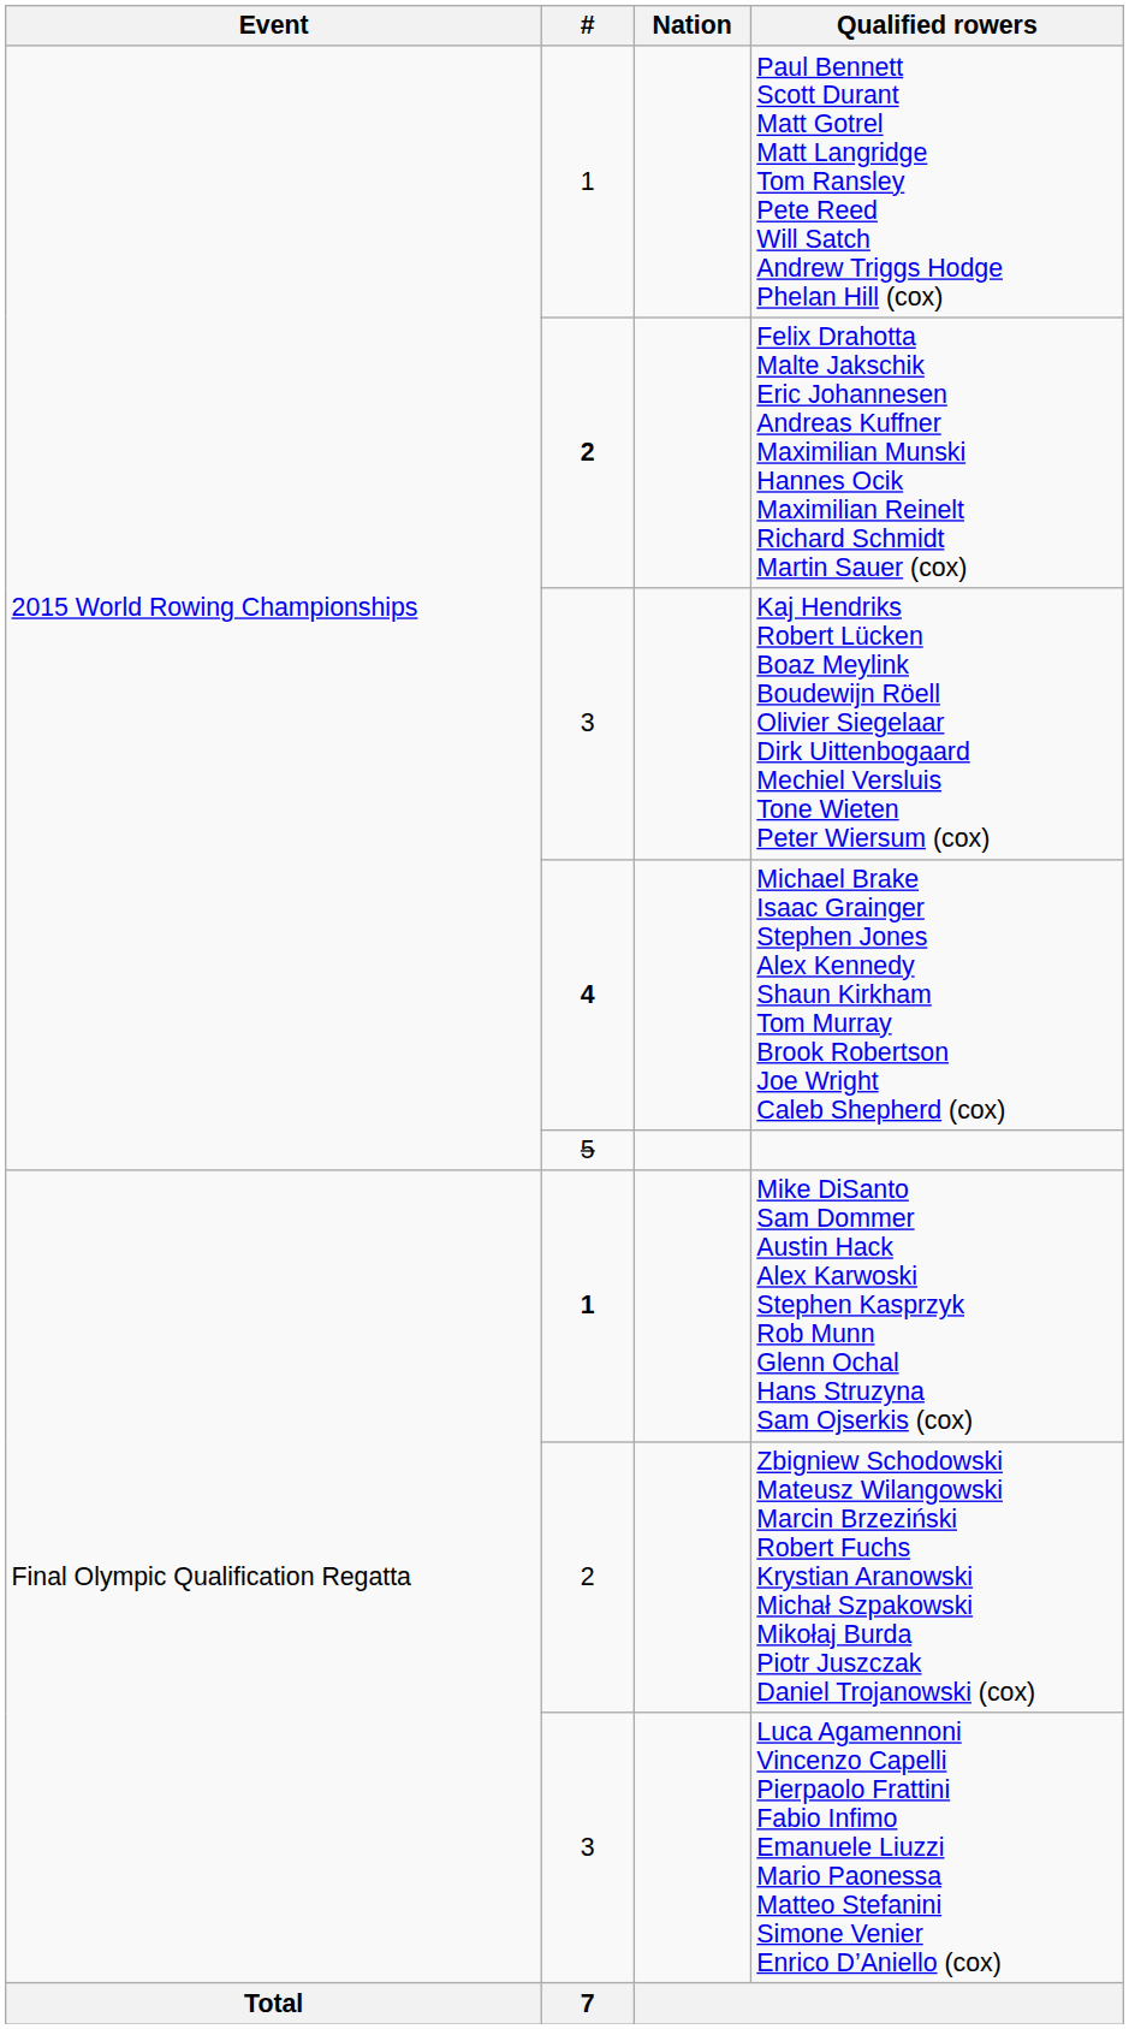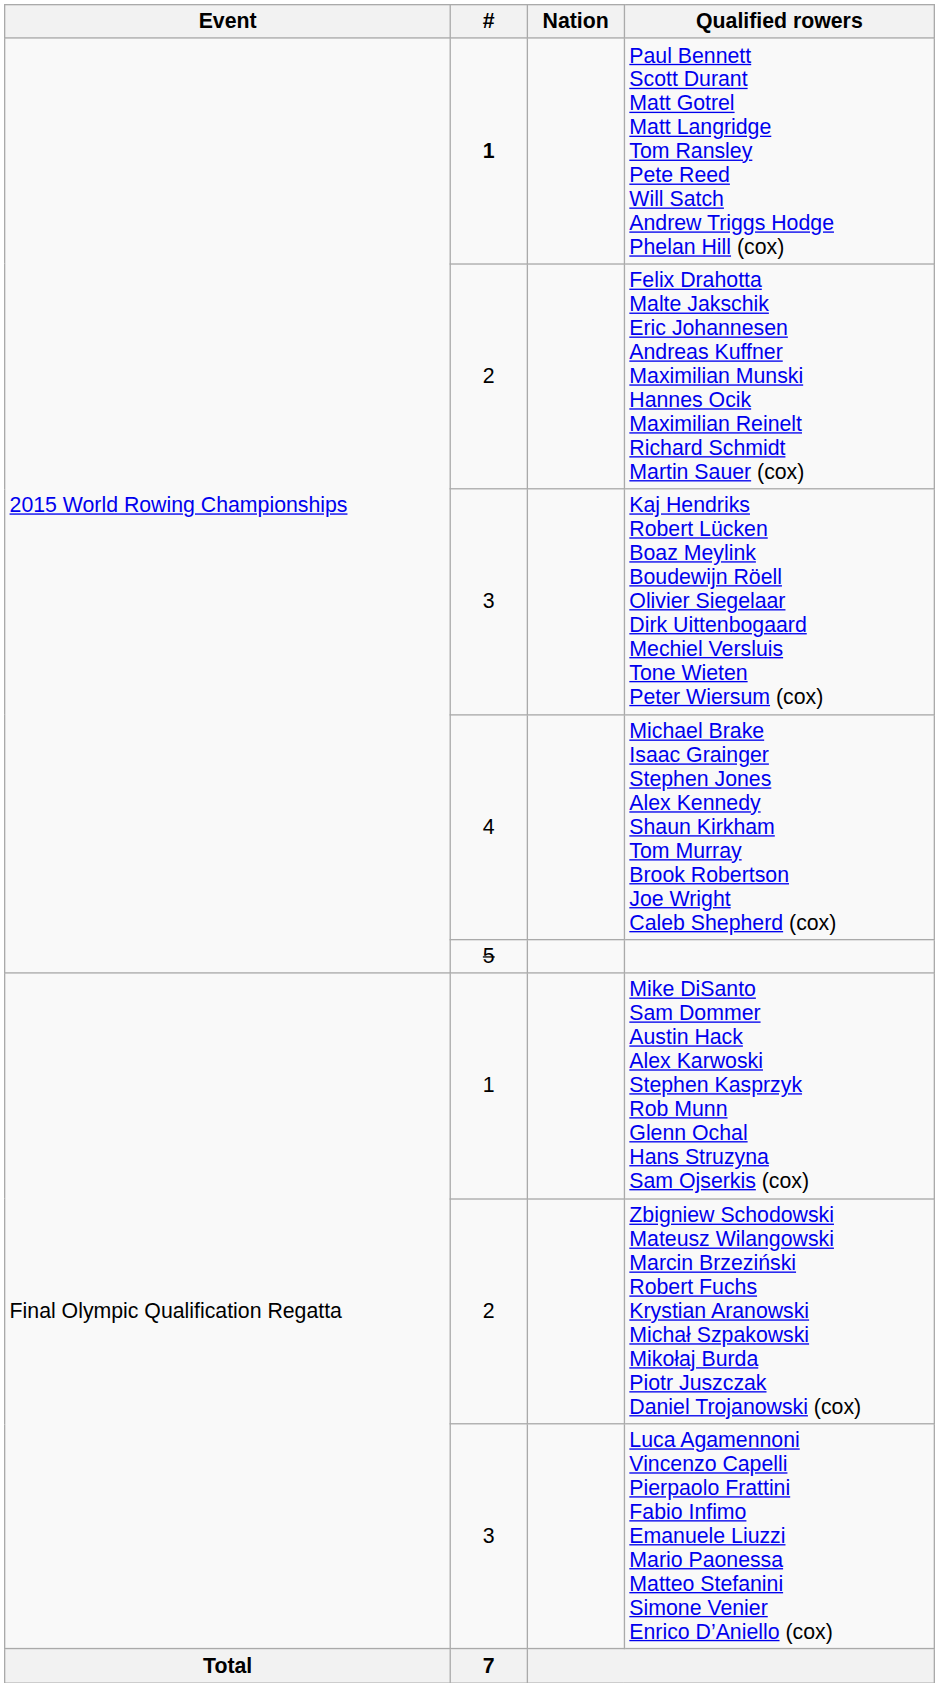 <table class="wikitable"  style="width:700px; text-align:center;">
 <tr>
 <th>Event</th>
 <th width=50>#</th>
 <th>Nation</th>
 <th>Qualified rowers</th>
 </tr>
 <tr>
 <td rowspan=5 align=left><a href='#'>2015 World Rowing Championships</a></td>
-<td>1</td>
+<td><strong>1</strong></td>
 <td align=left></td>
 <td align=left><a href='#'>Paul Bennett</a><br><a href='#'>Scott Durant</a><br><a href='#'>Matt Gotrel</a><br><a href='#'>Matt Langridge</a><br><a href='#'>Tom Ransley</a><br><a href='#'>Pete Reed</a><br><a href='#'>Will Satch</a><br><a href='#'>Andrew Triggs Hodge</a><br><a href='#'>Phelan Hill</a> (cox)</td>
 </tr>
 <tr>
-<td><strong>2</strong></td>
+<td>2</td>
 <td align=left></td>
 <td align=left><a href='#'>Felix Drahotta</a><br><a href='#'>Malte Jakschik</a><br><a href='#'>Eric Johannesen</a><br><a href='#'>Andreas Kuffner</a><br><a href='#'>Maximilian Munski</a><br><a href='#'>Hannes Ocik</a><br><a href='#'>Maximilian Reinelt</a><br><a href='#'>Richard Schmidt</a><br><a href='#'>Martin Sauer</a> (cox)</td>
 </tr>
 <tr>
 <td>3</td>
 <td align=left></td>
 <td align=left><a href='#'>Kaj Hendriks</a><br><a href='#'>Robert Lücken</a><br><a href='#'>Boaz Meylink</a><br><a href='#'>Boudewijn Röell</a><br><a href='#'>Olivier Siegelaar</a><br><a href='#'>Dirk Uittenbogaard</a><br><a href='#'>Mechiel Versluis</a><br><a href='#'>Tone Wieten</a><br><a href='#'>Peter Wiersum</a> (cox)</td>
 </tr>
 <tr>
-<td><strong>4</strong></td>
+<td>4</td>
 <td align=left></td>
 <td align=left><a href='#'>Michael Brake</a><br><a href='#'>Isaac Grainger</a><br><a href='#'>Stephen Jones</a><br><a href='#'>Alex Kennedy</a><br><a href='#'>Shaun Kirkham</a><br><a href='#'>Tom Murray</a><br><a href='#'>Brook Robertson</a><br><a href='#'>Joe Wright</a><br><a href='#'>Caleb Shepherd</a> (cox)</td>
 </tr>
 <tr>
 <td><s>5</s></td>
 <td align=left><s></s></td>
 <td align=left></td>
 </tr>
 <tr>
 <td rowspan=3 align=left>Final Olympic Qualification Regatta</td>
-<td><strong>1</strong></td>
+<td>1</td>
 <td align=left></td>
 <td align=left><a href='#'>Mike DiSanto</a><br><a href='#'>Sam Dommer</a><br><a href='#'>Austin Hack</a><br><a href='#'>Alex Karwoski</a><br><a href='#'>Stephen Kasprzyk</a><br><a href='#'>Rob Munn</a><br><a href='#'>Glenn Ochal</a><br><a href='#'>Hans Struzyna</a><br><a href='#'>Sam Ojserkis</a> (cox)</td>
 </tr>
 <tr>
 <td>2</td>
 <td align=left></td>
 <td align=left><a href='#'>Zbigniew Schodowski</a><br><a href='#'>Mateusz Wilangowski</a><br><a href='#'>Marcin Brzeziński</a><br><a href='#'>Robert Fuchs</a><br><a href='#'>Krystian Aranowski</a><br><a href='#'>Michał Szpakowski</a><br><a href='#'>Mikołaj Burda</a><br><a href='#'>Piotr Juszczak</a><br><a href='#'>Daniel Trojanowski</a> (cox)</td>
 </tr>
 <tr>
 <td>3</td>
 <td align=left></td>
 <td align=left><a href='#'>Luca Agamennoni</a><br><a href='#'>Vincenzo Capelli</a><br><a href='#'>Pierpaolo Frattini</a><br><a href='#'>Fabio Infimo</a><br><a href='#'>Emanuele Liuzzi</a><br><a href='#'>Mario Paonessa</a><br><a href='#'>Matteo Stefanini</a><br><a href='#'>Simone Venier</a><br><a href='#'>Enrico D’Aniello</a> (cox)</td>
 </tr>
 <tr>
 <th>Total</th>
 <th>7</th>
 <th colspan=2></th>
 </tr>
 </table>
